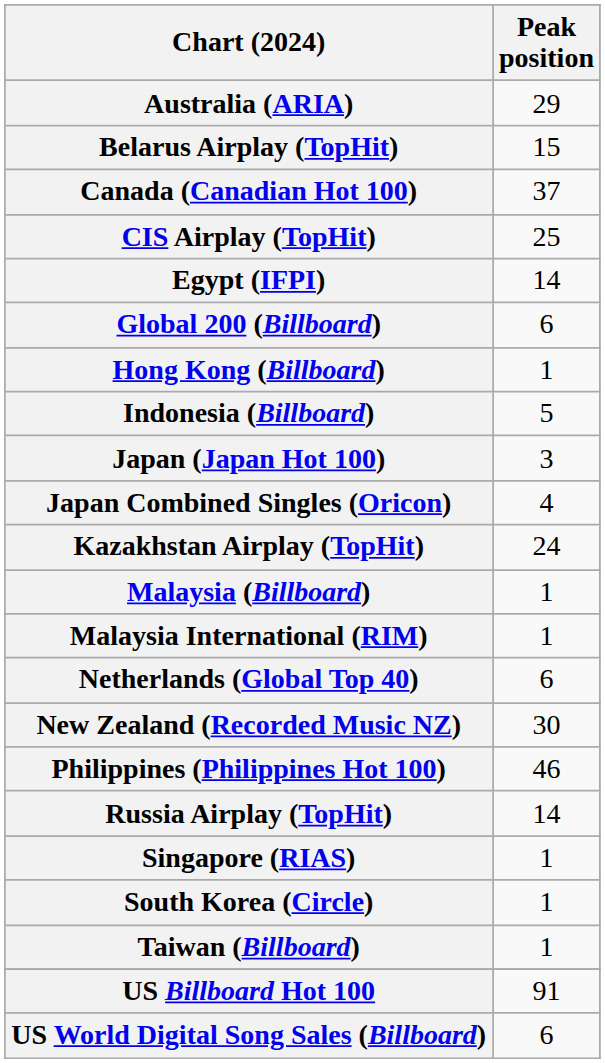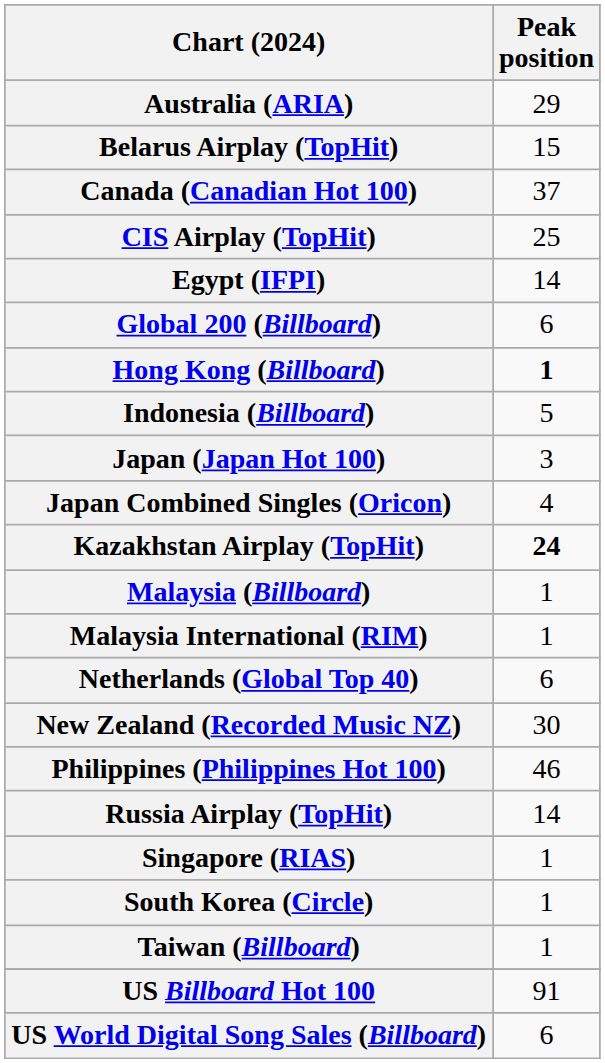 <table class="wikitable plainrowheaders sortable" style="text-align:center">
 <tr>
 <th scope="col">Chart (2024)</th>
 <th scope="col">Peak<br>position</th>
 </tr>
 <tr>
 <th scope="row">Australia (<a href='#'>ARIA</a>)</th>
 <td>29</td>
 </tr>
 <tr>
 <th scope="row">Belarus Airplay (<a href='#'>TopHit</a>)</th>
 <td>15</td>
 </tr>
 <tr>
 <th scope="row">Canada (<a href='#'>Canadian Hot 100</a>)</th>
 <td>37</td>
 </tr>
 <tr>
 <th scope="row"><a href='#'>CIS</a> Airplay (<a href='#'>TopHit</a>)</th>
 <td>25</td>
 </tr>
 <tr>
 <th scope="row">Egypt (<a href='#'>IFPI</a>)</th>
 <td>14</td>
 </tr>
 <tr>
 <th scope="row"><a href='#'>Global 200</a> (<em><a href='#'>Billboard</a></em>)</th>
 <td>6</td>
 </tr>
 <tr>
 <th scope="row"><a href='#'>Hong Kong</a> (<em><a href='#'>Billboard</a></em>)</th>
-<td>1</td>
+<td><strong>1</strong></td>
 </tr>
 <tr>
 <th scope="row">Indonesia (<em><a href='#'>Billboard</a></em>)</th>
 <td>5</td>
 </tr>
 <tr>
 <th scope="row">Japan (<a href='#'>Japan Hot 100</a>)</th>
 <td>3</td>
 </tr>
 <tr>
 <th scope="row">Japan Combined Singles (<a href='#'>Oricon</a>)</th>
 <td>4</td>
 </tr>
 <tr>
 <th scope="row">Kazakhstan Airplay (<a href='#'>TopHit</a>)</th>
-<td>24</td>
+<td><strong>24</strong></td>
 </tr>
 <tr>
 <th scope="row"><a href='#'>Malaysia</a> (<em><a href='#'>Billboard</a></em>)</th>
 <td>1</td>
 </tr>
 <tr>
 <th scope="row">Malaysia International (<a href='#'>RIM</a>)</th>
 <td>1</td>
 </tr>
 <tr>
 <th scope="row">Netherlands (<a href='#'>Global Top 40</a>)</th>
 <td>6</td>
 </tr>
 <tr>
 <th scope="row">New Zealand (<a href='#'>Recorded Music NZ</a>)</th>
 <td>30</td>
 </tr>
 <tr>
 <th scope="row">Philippines (<a href='#'>Philippines Hot 100</a>)</th>
 <td>46</td>
 </tr>
 <tr>
 <th scope="row">Russia Airplay (<a href='#'>TopHit</a>)</th>
 <td>14</td>
 </tr>
 <tr>
 <th scope="row">Singapore (<a href='#'>RIAS</a>)</th>
 <td>1</td>
 </tr>
 <tr>
 <th scope="row">South Korea (<a href='#'>Circle</a>)</th>
 <td>1</td>
 </tr>
 <tr>
 <th scope="row">Taiwan (<em><a href='#'>Billboard</a></em>)</th>
 <td>1</td>
 </tr>
 <tr>
 </tr>
 <tr>
 </tr>
 <tr>
 <th scope="row">US <a href='#'><em>Billboard</em> Hot 100</a></th>
 <td>91</td>
 </tr>
 <tr>
 <th scope="row">US <a href='#'>World Digital Song Sales</a> (<em><a href='#'>Billboard</a></em>)</th>
 <td>6</td>
 </tr>
 </table>
